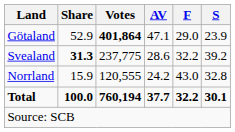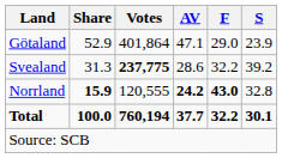 <table class="wikitable sortable" style=text-align:right>
 <tr>
 <th>Land</th>
 <th>Share</th>
 <th>Votes</th>
 <th><a href='#'>AV</a></th>
 <th><a href='#'>F</a></th>
 <th><a href='#'>S</a></th>
 </tr>
 <tr>
 <td align=left><a href='#'>Götaland</a></td>
 <td>52.9</td>
-<td><strong>401,864</strong></td>
+<td>401,864</td>
 <td>47.1</td>
 <td>29.0</td>
 <td>23.9</td>
 </tr>
 <tr>
 <td align=left><a href='#'>Svealand</a></td>
-<td><strong>31.3</strong></td>
-<td>237,775</td>
+<td>31.3</td>
+<td><strong>237,775</strong></td>
 <td>28.6</td>
 <td>32.2</td>
 <td>39.2</td>
 </tr>
 <tr>
 <td align=left><a href='#'>Norrland</a></td>
-<td>15.9</td>
+<td><strong>15.9</strong></td>
 <td>120,555</td>
-<td>24.2</td>
-<td>43.0</td>
+<td><strong>24.2</strong></td>
+<td><strong>43.0</strong></td>
 <td>32.8</td>
 </tr>
 <tr>
 <td align=left><strong>Total</strong></td>
 <td><strong>100.0</strong></td>
 <td><strong>760,194</strong></td>
 <td><strong>37.7</strong></td>
 <td><strong>32.2</strong></td>
 <td><strong>30.1</strong></td>
 </tr>
 <tr>
 <td align=left colspan=6>Source: SCB </td>
 </tr>
 </table>
